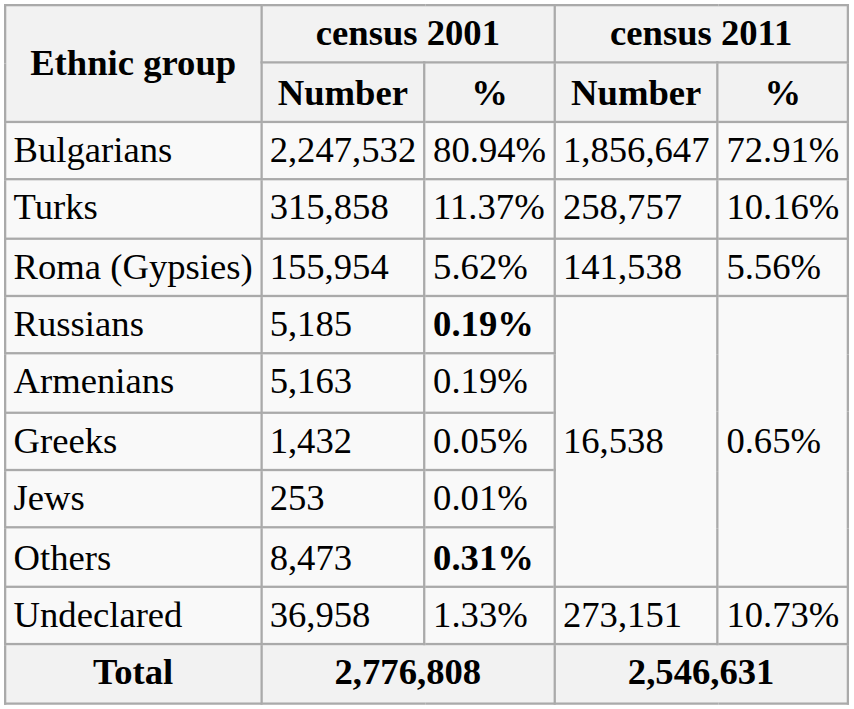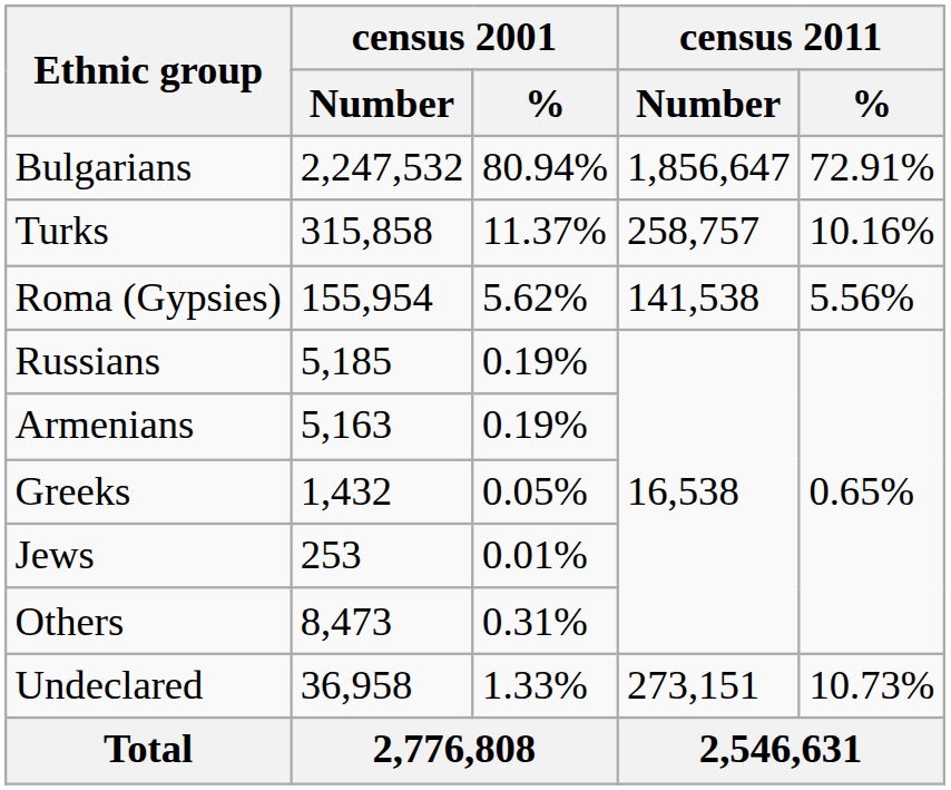 <table class="wikitable">
 <tr>
 <th rowspan="2">Ethnic group</th>
 <th colspan="2">census 2001</th>
 <th colspan="2">census 2011</th>
 </tr>
 <tr>
 <th>Number</th>
 <th>%</th>
 <th>Number</th>
 <th>%</th>
 </tr>
 <tr>
 <td>Bulgarians</td>
 <td>2,247,532</td>
 <td>80.94%</td>
 <td>1,856,647</td>
 <td>72.91%</td>
 </tr>
 <tr>
 <td>Turks</td>
 <td>315,858</td>
 <td>11.37%</td>
 <td>258,757</td>
 <td>10.16%</td>
 </tr>
 <tr>
 <td>Roma (Gypsies)</td>
 <td>155,954</td>
 <td>5.62%</td>
 <td>141,538</td>
 <td>5.56%</td>
 </tr>
 <tr>
 <td>Russians</td>
 <td>5,185</td>
-<td><strong>0.19%</strong></td>
+<td>0.19%</td>
 <td rowspan="5">16,538</td>
 <td rowspan="5">0.65%</td>
 </tr>
 <tr>
 <td>Armenians</td>
 <td>5,163</td>
 <td>0.19%</td>
 </tr>
 <tr>
 <td>Greeks</td>
 <td>1,432</td>
 <td>0.05%</td>
 </tr>
 <tr>
 <td>Jews</td>
 <td>253</td>
 <td>0.01%</td>
 </tr>
 <tr>
 <td>Others</td>
 <td>8,473</td>
-<td><strong>0.31%</strong></td>
+<td>0.31%</td>
 </tr>
 <tr>
 <td>Undeclared</td>
 <td>36,958</td>
 <td>1.33%</td>
 <td>273,151</td>
 <td>10.73%</td>
 </tr>
 <tr>
 <th>Total</th>
 <th colspan="2">2,776,808</th>
 <th colspan="2">2,546,631</th>
 </tr>
 </table>
